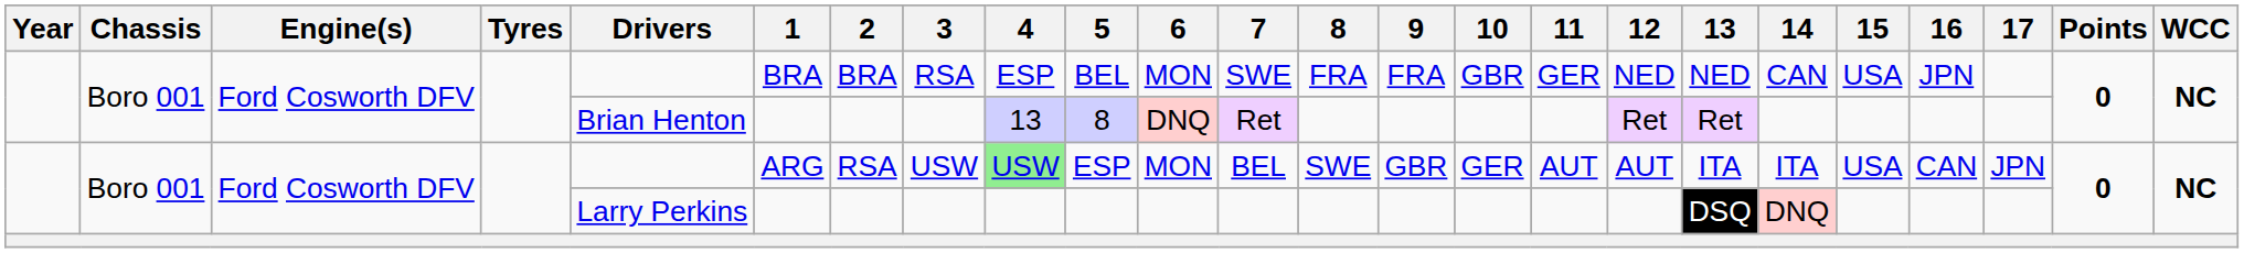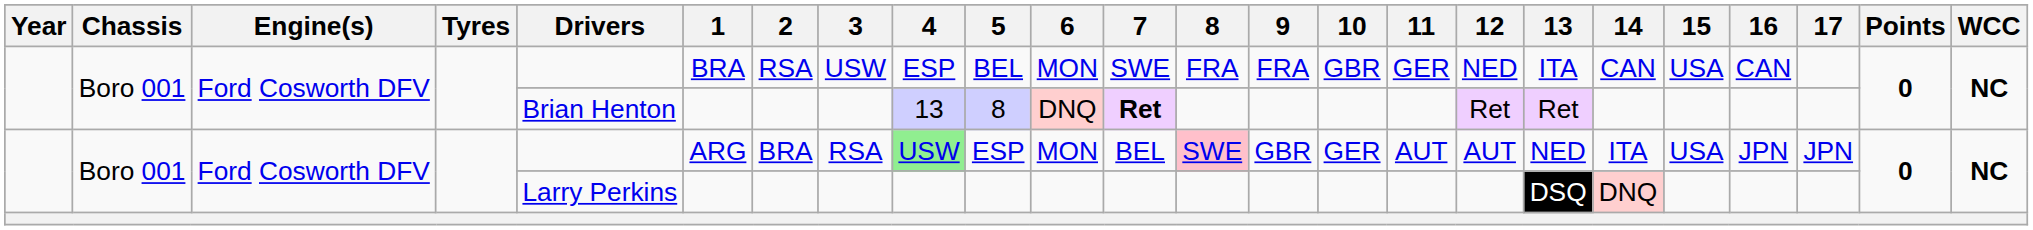 <table class="wikitable" style="text-align:center; font-size:95%">
 <tr>
 <th>Year</th>
 <th>Chassis</th>
 <th>Engine(s)</th>
 <th>Tyres</th>
 <th>Drivers</th>
 <th>1</th>
 <th>2</th>
 <th>3</th>
 <th>4</th>
 <th>5</th>
 <th>6</th>
 <th>7</th>
 <th>8</th>
 <th>9</th>
 <th>10</th>
 <th>11</th>
 <th>12</th>
 <th>13</th>
 <th>14</th>
 <th>15</th>
 <th>16</th>
 <th>17</th>
 <th>Points</th>
 <th>WCC</th>
 </tr>
 <tr>
 <td rowspan="2"></td>
 <td rowspan="2">Boro <a href='#'>001</a></td>
 <td rowspan="2"><a href='#'>Ford</a> <a href='#'>Cosworth DFV</a></td>
 <td rowspan="2"></td>
 <td></td>
 <td><a href='#'>BRA</a></td>
-<td><a href='#'>BRA</a></td>
 <td><a href='#'>RSA</a></td>
+<td><a href='#'>USW</a></td>
 <td><a href='#'>ESP</a></td>
 <td><a href='#'>BEL</a></td>
 <td><a href='#'>MON</a></td>
 <td><a href='#'>SWE</a></td>
 <td><a href='#'>FRA</a></td>
 <td><a href='#'>FRA</a></td>
 <td><a href='#'>GBR</a></td>
 <td><a href='#'>GER</a></td>
 <td><a href='#'>NED</a></td>
-<td><a href='#'>NED</a></td>
+<td><a href='#'>ITA</a></td>
 <td><a href='#'>CAN</a></td>
 <td><a href='#'>USA</a></td>
-<td><a href='#'>JPN</a></td>
+<td><a href='#'>CAN</a></td>
 <td></td>
 <td rowspan="2"><strong>0</strong></td>
 <td rowspan="2"><strong>NC</strong></td>
 </tr>
 <tr>
 <td align="left"> <a href='#'>Brian Henton</a></td>
 <td></td>
 <td></td>
 <td></td>
 <td style="background:#CFCFFF;">13</td>
 <td style="background:#CFCFFF;">8</td>
 <td style="background:#FFCFCF;">DNQ</td>
-<td style="background:#EFCFFF;">Ret</td>
+<td style="background:#EFCFFF;"><strong>Ret</strong></td>
 <td></td>
 <td></td>
 <td></td>
 <td></td>
 <td style="background:#EFCFFF;">Ret</td>
 <td style="background:#EFCFFF;">Ret</td>
 <td></td>
 <td></td>
 <td></td>
 <td></td>
 </tr>
 <tr>
 <td rowspan="2"></td>
 <td rowspan="2">Boro <a href='#'>001</a></td>
 <td rowspan="2"><a href='#'>Ford</a> <a href='#'>Cosworth DFV</a></td>
 <td rowspan="2"></td>
 <td></td>
 <td><a href='#'>ARG</a></td>
+<td><a href='#'>BRA</a></td>
 <td><a href='#'>RSA</a></td>
-<td><a href='#'>USW</a></td>
 <td style="background: lightgreen;"><a href='#'>USW</a></td>
 <td><a href='#'>ESP</a></td>
 <td><a href='#'>MON</a></td>
 <td><a href='#'>BEL</a></td>
-<td><a href='#'>SWE</a></td>
+<td style="background: pink;"><a href='#'>SWE</a></td>
 <td><a href='#'>GBR</a></td>
 <td><a href='#'>GER</a></td>
 <td><a href='#'>AUT</a></td>
 <td><a href='#'>AUT</a></td>
-<td><a href='#'>ITA</a></td>
+<td><a href='#'>NED</a></td>
 <td><a href='#'>ITA</a></td>
 <td><a href='#'>USA</a></td>
-<td><a href='#'>CAN</a></td>
+<td><a href='#'>JPN</a></td>
 <td><a href='#'>JPN</a></td>
 <td rowspan="2"><strong>0</strong></td>
 <td rowspan="2"><strong>NC</strong></td>
 </tr>
 <tr>
 <td align="left"> <a href='#'>Larry Perkins</a></td>
 <td></td>
 <td></td>
 <td></td>
 <td></td>
 <td></td>
 <td></td>
 <td></td>
 <td></td>
 <td></td>
 <td></td>
 <td></td>
 <td></td>
 <td style="background:#000000; color:#ffffff">DSQ</td>
 <td style="background:#FFCFCF;">DNQ</td>
 <td></td>
 <td></td>
 <td></td>
 </tr>
 <tr>
 <th colspan="24"></th>
 </tr>
 </table>
